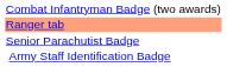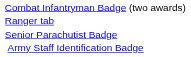 <table>
 <tr>
 <td> <a href='#'>Combat Infantryman Badge</a> (two awards)</td>
 </tr>
 <tr>
-<td style="background: lightsalmon;"> <a href='#'>Ranger tab</a></td>
+<td> <a href='#'>Ranger tab</a></td>
 </tr>
 <tr>
 <td> <a href='#'>Senior Parachutist Badge</a></td>
 </tr>
 <tr>
 <td> <a href='#'>Army Staff Identification Badge</a></td>
 </tr>
 </table>
